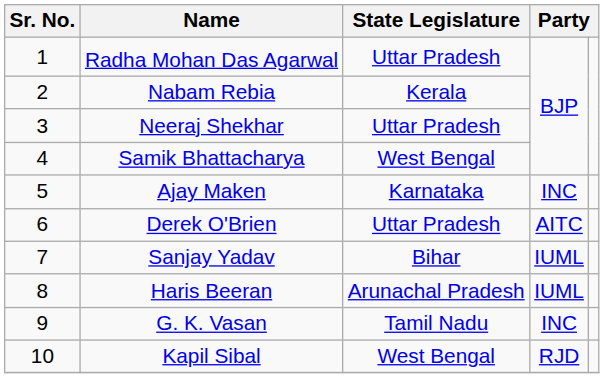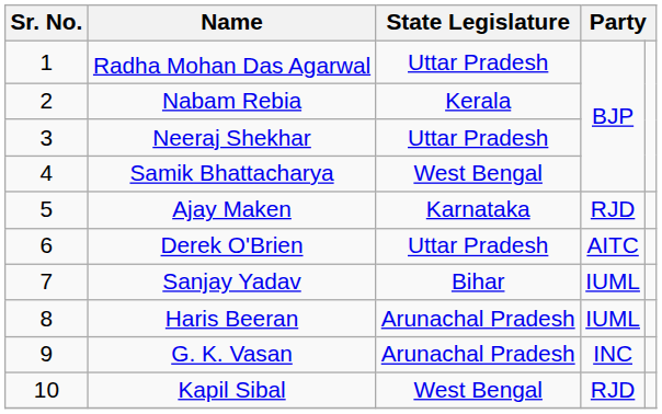 <table class="wikitable">
 <tr>
 <th>Sr. No.</th>
 <th>Name</th>
 <th>State Legislature</th>
 <th colspan="2">Party</th>
 </tr>
 <tr align="center">
 <td>1</td>
 <td><a href='#'>Radha Mohan Das Agarwal</a><sup></sup></td>
 <td><a href='#'>Uttar Pradesh</a></td>
 <td rowspan="4"><a href='#'>BJP</a></td>
 <td rowspan="4"></td>
 </tr>
 <tr align="center">
 <td>2</td>
 <td><a href='#'>Nabam Rebia</a></td>
 <td><a href='#'>Kerala</a></td>
 </tr>
 <tr align="center">
 <td>3</td>
 <td><a href='#'>Neeraj Shekhar</a></td>
 <td><a href='#'>Uttar Pradesh</a></td>
 </tr>
 <tr align="center">
 <td>4</td>
 <td><a href='#'>Samik Bhattacharya</a></td>
 <td><a href='#'>West Bengal</a></td>
 </tr>
 <tr align="center">
 <td>5</td>
 <td><a href='#'>Ajay Maken</a></td>
 <td><a href='#'>Karnataka</a></td>
-<td><a href='#'>INC</a></td>
+<td><a href='#'>RJD</a></td>
 <td></td>
 </tr>
 <tr align="center">
 <td>6</td>
 <td><a href='#'>Derek O'Brien</a></td>
 <td><a href='#'>Uttar Pradesh</a></td>
 <td><a href='#'>AITC</a></td>
 <td></td>
 </tr>
 <tr align="center">
 <td>7</td>
 <td><a href='#'>Sanjay Yadav</a></td>
 <td><a href='#'>Bihar</a></td>
 <td><a href='#'>IUML</a></td>
 <td></td>
 </tr>
 <tr align="center">
 <td>8</td>
 <td><a href='#'>Haris Beeran</a></td>
 <td><a href='#'>Arunachal Pradesh</a></td>
 <td><a href='#'>IUML</a></td>
 <td></td>
 </tr>
 <tr align="center">
 <td>9</td>
 <td><a href='#'>G. K. Vasan</a></td>
-<td><a href='#'>Tamil Nadu</a></td>
+<td><a href='#'>Arunachal Pradesh</a></td>
 <td><a href='#'>INC</a></td>
 <td></td>
 </tr>
 <tr align="center">
 <td>10</td>
 <td><a href='#'>Kapil Sibal</a></td>
 <td><a href='#'>West Bengal</a></td>
 <td><a href='#'>RJD</a></td>
 <td></td>
 </tr>
 <tr align="center">
 </tr>
 </table>
